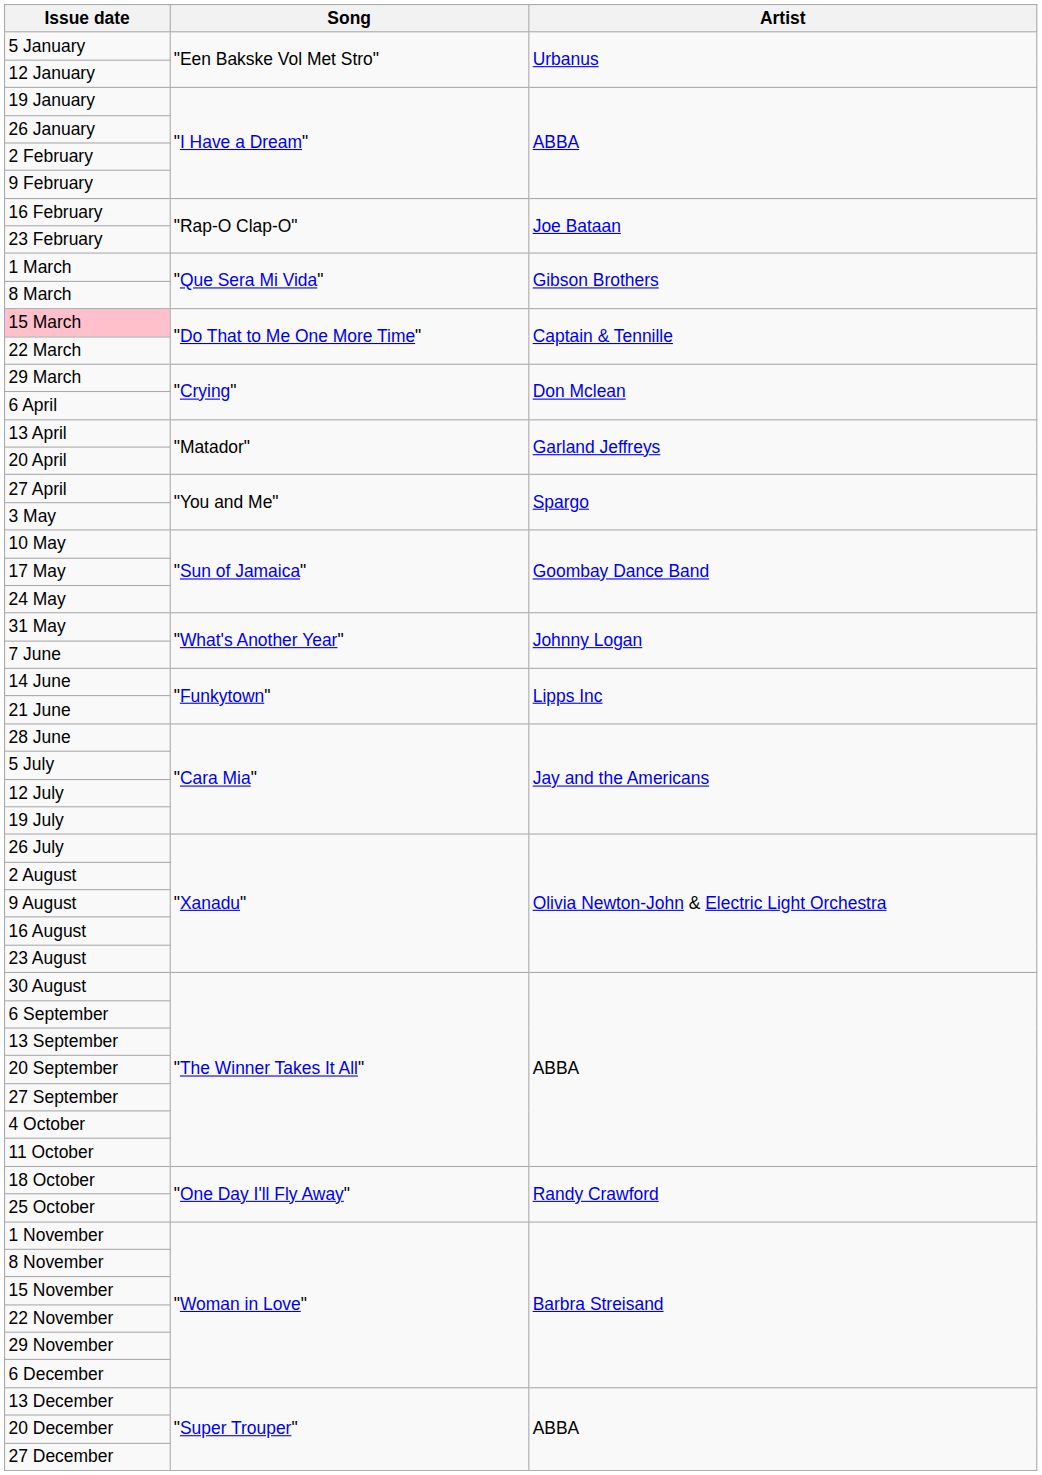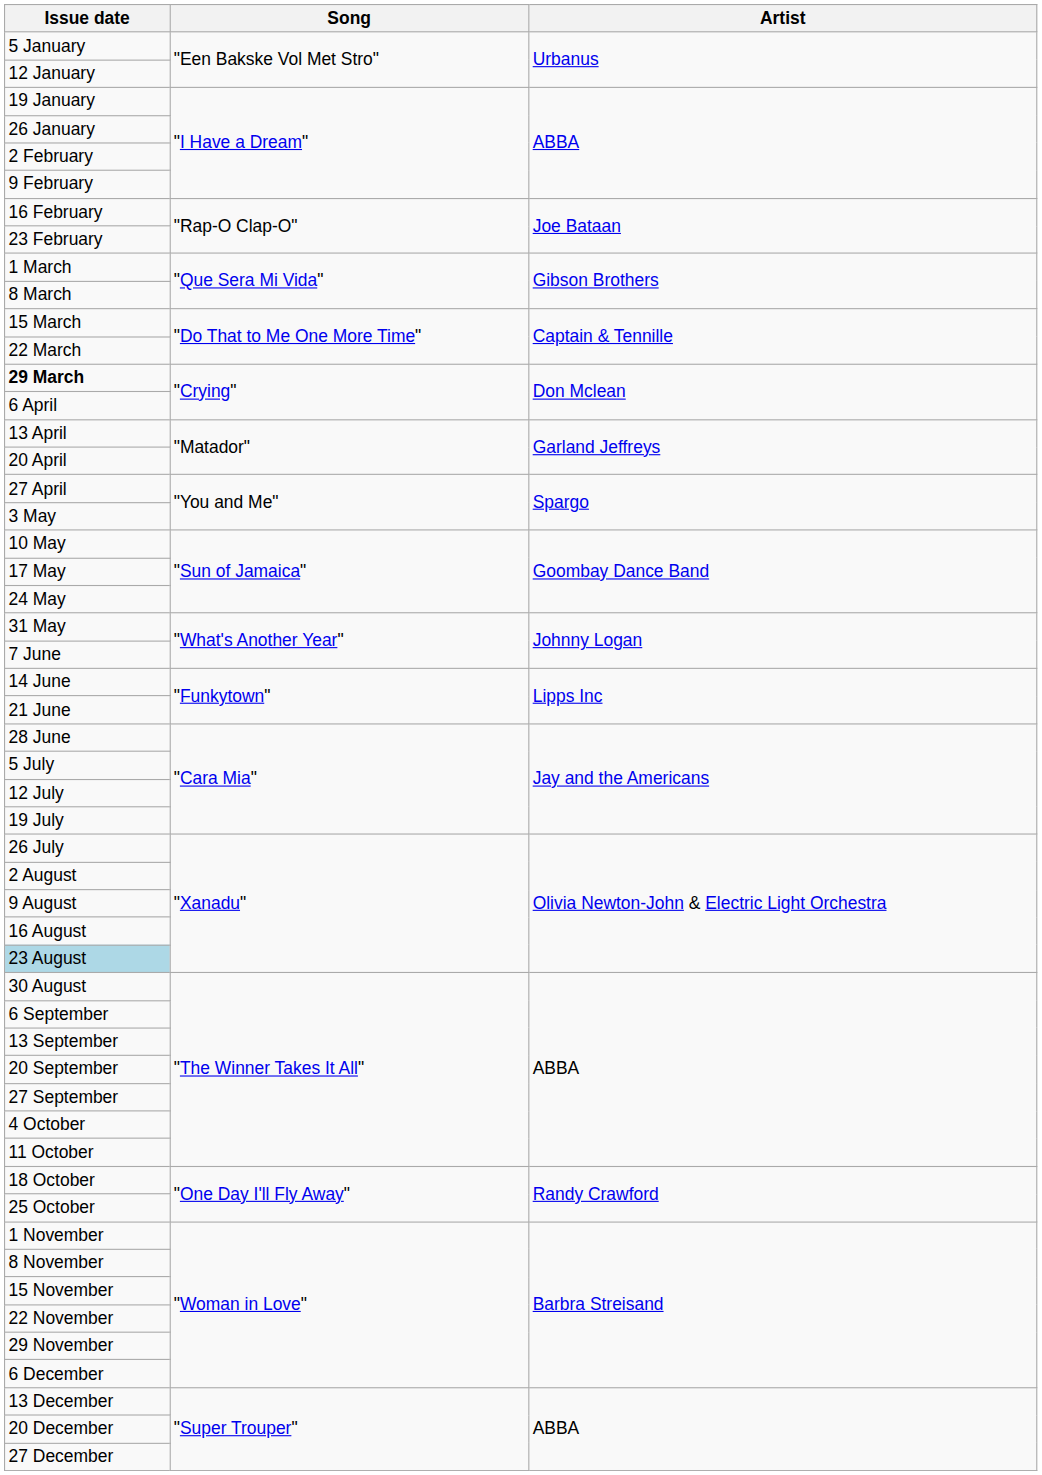 <table width="75%" class=wikitable>
 <tr>
 <th>Issue date</th>
 <th>Song</th>
 <th>Artist</th>
 </tr>
 <tr>
 <td>5 January</td>
 <td rowspan="2">"Een Bakske Vol Met Stro"</td>
 <td rowspan="2"><a href='#'>Urbanus</a></td>
 </tr>
 <tr>
 <td>12 January</td>
 </tr>
 <tr>
 <td>19 January</td>
 <td rowspan="4">"<a href='#'>I Have a Dream</a>"</td>
 <td rowspan="4"><a href='#'>ABBA</a></td>
 </tr>
 <tr>
 <td>26 January</td>
 </tr>
 <tr>
 <td>2 February</td>
 </tr>
 <tr>
 <td>9 February</td>
 </tr>
 <tr>
 <td>16 February</td>
 <td rowspan="2">"Rap-O Clap-O"</td>
 <td rowspan="2"><a href='#'>Joe Bataan</a></td>
 </tr>
 <tr>
 <td>23 February</td>
 </tr>
 <tr>
 <td>1 March</td>
 <td rowspan="2">"<a href='#'>Que Sera Mi Vida</a>"</td>
 <td rowspan="2"><a href='#'>Gibson Brothers</a></td>
 </tr>
 <tr>
 <td>8 March</td>
 </tr>
 <tr>
-<td style="background: pink;">15 March</td>
+<td>15 March</td>
 <td rowspan="2">"<a href='#'>Do That to Me One More Time</a>"</td>
 <td rowspan="2"><a href='#'>Captain & Tennille</a></td>
 </tr>
 <tr>
 <td>22 March</td>
 </tr>
 <tr>
-<td>29 March</td>
+<td><strong>29 March</strong></td>
 <td rowspan="2">"<a href='#'>Crying</a>"</td>
 <td rowspan="2"><a href='#'>Don Mclean</a></td>
 </tr>
 <tr>
 <td>6 April</td>
 </tr>
 <tr>
 <td>13 April</td>
 <td rowspan="2">"Matador"</td>
 <td rowspan="2"><a href='#'>Garland Jeffreys</a></td>
 </tr>
 <tr>
 <td>20 April</td>
 </tr>
 <tr>
 <td>27 April</td>
 <td rowspan="2">"You and Me"</td>
 <td rowspan="2"><a href='#'>Spargo</a></td>
 </tr>
 <tr>
 <td>3 May</td>
 </tr>
 <tr>
 <td>10 May</td>
 <td rowspan="3">"<a href='#'>Sun of Jamaica</a>"</td>
 <td rowspan="3"><a href='#'>Goombay Dance Band</a></td>
 </tr>
 <tr>
 <td>17 May</td>
 </tr>
 <tr>
 <td>24 May</td>
 </tr>
 <tr>
 <td>31 May</td>
 <td rowspan="2">"<a href='#'>What's Another Year</a>"</td>
 <td rowspan="2"><a href='#'>Johnny Logan</a></td>
 </tr>
 <tr>
 <td>7 June</td>
 </tr>
 <tr>
 <td>14 June</td>
 <td rowspan="2">"<a href='#'>Funkytown</a>"</td>
 <td rowspan="2"><a href='#'>Lipps Inc</a></td>
 </tr>
 <tr>
 <td>21 June</td>
 </tr>
 <tr>
 <td>28 June</td>
 <td rowspan="4">"<a href='#'>Cara Mia</a>"</td>
 <td rowspan="4"><a href='#'>Jay and the Americans</a></td>
 </tr>
 <tr>
 <td>5 July</td>
 </tr>
 <tr>
 <td>12 July</td>
 </tr>
 <tr>
 <td>19 July</td>
 </tr>
 <tr>
 <td>26 July</td>
 <td rowspan="5">"<a href='#'>Xanadu</a>"</td>
 <td rowspan="5"><a href='#'>Olivia Newton-John</a> & <a href='#'>Electric Light Orchestra</a></td>
 </tr>
 <tr>
 <td>2 August</td>
 </tr>
 <tr>
 <td>9 August</td>
 </tr>
 <tr>
 <td>16 August</td>
 </tr>
 <tr>
-<td>23 August</td>
+<td style="background: lightblue;">23 August</td>
 </tr>
 <tr>
 <td>30 August</td>
 <td rowspan="7">"<a href='#'>The Winner Takes It All</a>"</td>
 <td rowspan="7">ABBA</td>
 </tr>
 <tr>
 <td>6 September</td>
 </tr>
 <tr>
 <td>13 September</td>
 </tr>
 <tr>
 <td>20 September</td>
 </tr>
 <tr>
 <td>27 September</td>
 </tr>
 <tr>
 <td>4 October</td>
 </tr>
 <tr>
 <td>11 October</td>
 </tr>
 <tr>
 <td>18 October</td>
 <td rowspan="2">"<a href='#'>One Day I'll Fly Away</a>"</td>
 <td rowspan="2"><a href='#'>Randy Crawford</a></td>
 </tr>
 <tr>
 <td>25 October</td>
 </tr>
 <tr>
 <td>1 November</td>
 <td rowspan="6">"<a href='#'>Woman in Love</a>"</td>
 <td rowspan="6"><a href='#'>Barbra Streisand</a></td>
 </tr>
 <tr>
 <td>8 November</td>
 </tr>
 <tr>
 <td>15 November</td>
 </tr>
 <tr>
 <td>22 November</td>
 </tr>
 <tr>
 <td>29 November</td>
 </tr>
 <tr>
 <td>6 December</td>
 </tr>
 <tr>
 <td>13 December</td>
 <td rowspan="3">"<a href='#'>Super Trouper</a>"</td>
 <td rowspan="3">ABBA</td>
 </tr>
 <tr>
 <td>20 December</td>
 </tr>
 <tr>
 <td>27 December</td>
 </tr>
 </table>
